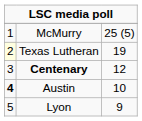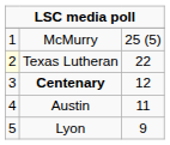 <table class="wikitable" style="display: inline-table;">
 <tr>
 <td align="center" Colspan="3"><strong>LSC media poll</strong></td>
 </tr>
 <tr align="center">
 </tr>
 <tr align="center">
 <td>1</td>
 <td>McMurry</td>
 <td>25 (5)</td>
 </tr>
 <tr align="center">
 <td style="background: lightyellow;">2</td>
 <td>Texas Lutheran</td>
-<td>19</td>
+<td>22</td>
 </tr>
 <tr align="center">
 <td>3</td>
 <td><strong>Centenary</strong></td>
 <td>12</td>
 </tr>
 <tr align="center">
-<td><strong>4</strong></td>
+<td>4</td>
 <td>Austin</td>
-<td>10</td>
+<td>11</td>
 </tr>
 <tr align="center">
 <td>5</td>
 <td>Lyon</td>
 <td>9</td>
 </tr>
 </table>
